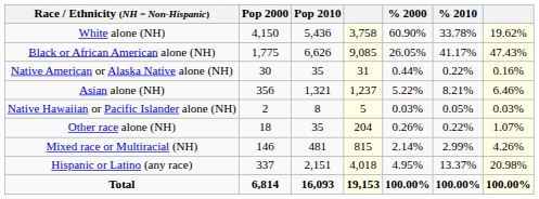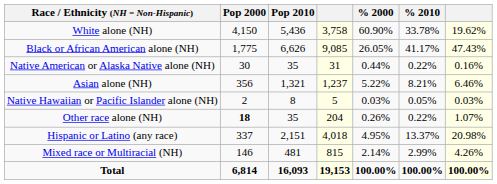 <table class="wikitable" style="text-align:center;">
 <tr>
 <th>Race / Ethnicity <small>(<em>NH = Non-Hispanic</em>)</small></th>
 <th>Pop 2000</th>
 <th>Pop 2010</th>
 <th></th>
 <th>% 2000</th>
 <th>% 2010</th>
 <th></th>
 </tr>
 <tr>
 <td><a href='#'>White</a> alone (NH)</td>
 <td>4,150</td>
 <td>5,436</td>
 <td style='background: #ffffe6;'>3,758</td>
 <td>60.90%</td>
 <td>33.78%</td>
 <td style='background: #ffffe6;'>19.62%</td>
 </tr>
 <tr>
 <td><a href='#'>Black or African American</a> alone (NH)</td>
 <td>1,775</td>
 <td>6,626</td>
 <td style='background: #ffffe6;'>9,085</td>
 <td>26.05%</td>
 <td>41.17%</td>
 <td style='background: #ffffe6;'>47.43%</td>
 </tr>
 <tr>
 <td><a href='#'>Native American</a> or <a href='#'>Alaska Native</a> alone (NH)</td>
 <td>30</td>
 <td>35</td>
 <td style='background: #ffffe6;'>31</td>
 <td>0.44%</td>
 <td>0.22%</td>
 <td style='background: #ffffe6;'>0.16%</td>
 </tr>
 <tr>
 <td><a href='#'>Asian</a> alone (NH)</td>
 <td>356</td>
 <td>1,321</td>
 <td style='background: #ffffe6;'>1,237</td>
 <td>5.22%</td>
 <td>8.21%</td>
 <td style='background: #ffffe6;'>6.46%</td>
 </tr>
 <tr>
 <td><a href='#'>Native Hawaiian</a> or <a href='#'>Pacific Islander</a> alone (NH)</td>
 <td>2</td>
 <td>8</td>
 <td style='background: #ffffe6;'>5</td>
 <td>0.03%</td>
 <td>0.05%</td>
 <td style='background: #ffffe6;'>0.03%</td>
 </tr>
 <tr>
 <td><a href='#'>Other race</a> alone (NH)</td>
-<td>18</td>
+<td><strong>18</strong></td>
 <td>35</td>
 <td style='background: #ffffe6;'>204</td>
 <td>0.26%</td>
 <td>0.22%</td>
 <td style='background: #ffffe6;'>1.07%</td>
+</tr>
+<tr>
+<td><a href='#'>Hispanic or Latino</a> (any race)</td>
+<td>337</td>
+<td>2,151</td>
+<td style='background: #ffffe6;'>4,018</td>
+<td>4.95%</td>
+<td>13.37%</td>
+<td style='background: #ffffe6;'>20.98%</td>
 </tr>
 <tr>
 <td><a href='#'>Mixed race or Multiracial</a> (NH)</td>
 <td>146</td>
 <td>481</td>
 <td style='background: #ffffe6;'>815</td>
 <td>2.14%</td>
 <td>2.99%</td>
 <td style='background: #ffffe6;'>4.26%</td>
 </tr>
 <tr>
-<td><a href='#'>Hispanic or Latino</a> (any race)</td>
-<td>337</td>
-<td>2,151</td>
-<td style='background: #ffffe6;'>4,018</td>
-<td>4.95%</td>
-<td>13.37%</td>
-<td style='background: #ffffe6;'>20.98%</td>
-</tr>
-<tr>
 <td><strong>Total</strong></td>
 <td><strong>6,814</strong></td>
 <td><strong>16,093</strong></td>
 <td style='background: #ffffe6;'><strong>19,153</strong></td>
 <td><strong>100.00%</strong></td>
 <td><strong>100.00%</strong></td>
 <td style='background: #ffffe6;'><strong>100.00%</strong></td>
 </tr>
 </table>
